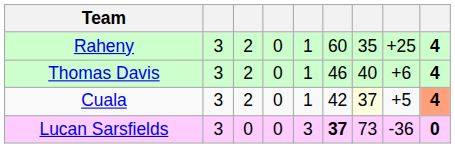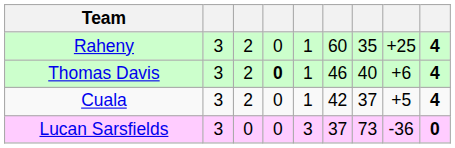 <table class="wikitable" style="text-align:center">
 <tr>
 <th style="width:175px;">Team</th>
 <th width="20"></th>
 <th width="20"></th>
 <th width="20"></th>
 <th width="20"></th>
 <th width="20"></th>
 <th width="20"></th>
 <th width="20"></th>
 <th width="20"></th>
 </tr>
 <tr style="background:#cfc;">
 <td><a href='#'>Raheny</a></td>
 <td>3</td>
 <td>2</td>
 <td>0</td>
 <td>1</td>
 <td>60</td>
 <td>35</td>
 <td>+25</td>
 <td><strong>4</strong></td>
 </tr>
 <tr style="background:#cfc;">
 <td><a href='#'>Thomas Davis</a></td>
 <td>3</td>
 <td>2</td>
-<td>0</td>
+<td><strong>0</strong></td>
 <td>1</td>
 <td>46</td>
 <td>40</td>
 <td>+6</td>
 <td><strong>4</strong></td>
 </tr>
 <tr>
 <td><a href='#'>Cuala</a></td>
 <td>3</td>
 <td>2</td>
 <td>0</td>
 <td>1</td>
 <td>42</td>
-<td style="background: lightyellow;">37</td>
+<td>37</td>
 <td>+5</td>
-<td style="background: lightsalmon;"><strong>4</strong></td>
+<td><strong>4</strong></td>
 </tr>
 <tr style="background:#fcf;">
 <td><a href='#'>Lucan Sarsfields</a></td>
 <td>3</td>
 <td>0</td>
 <td>0</td>
 <td>3</td>
-<td><strong>37</strong></td>
+<td>37</td>
 <td>73</td>
 <td>-36</td>
 <td><strong>0</strong></td>
 </tr>
 </table>
